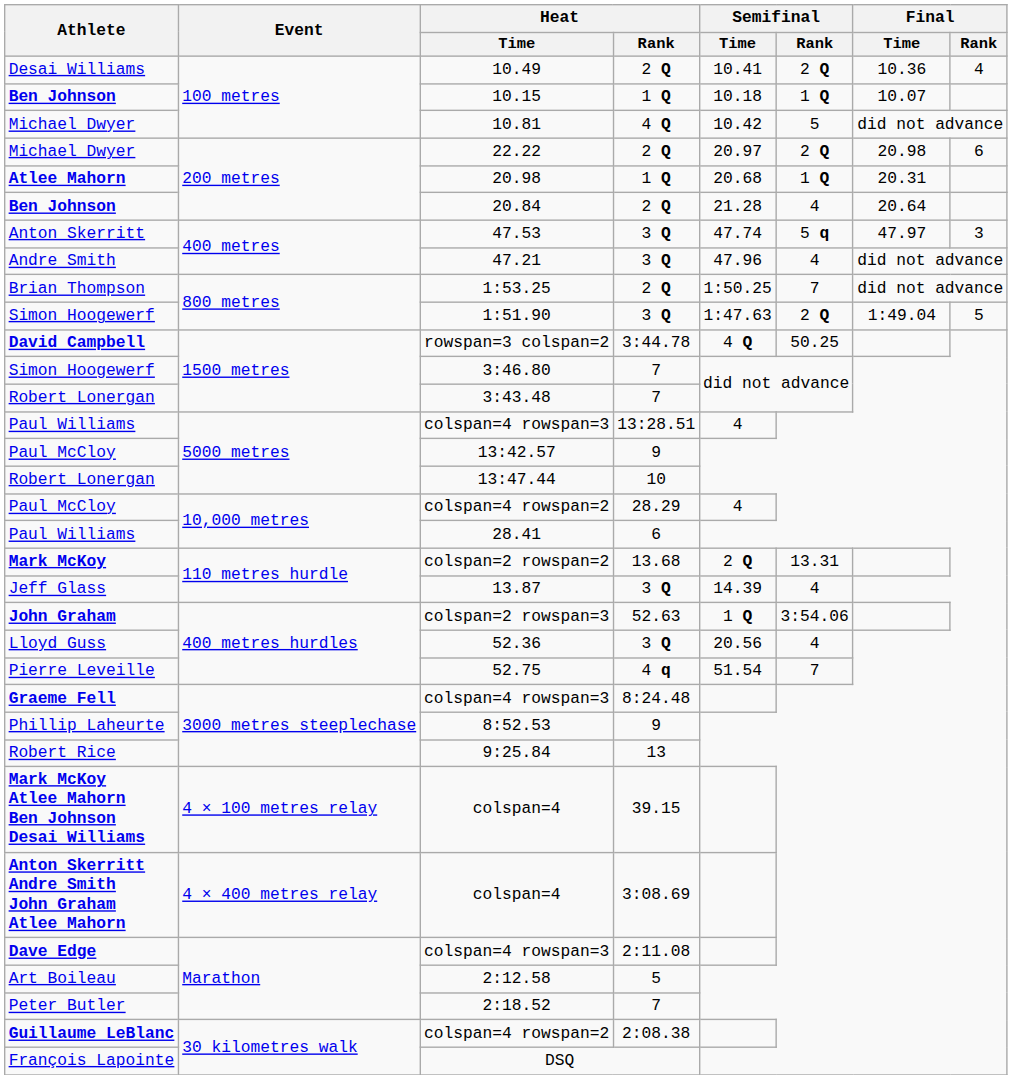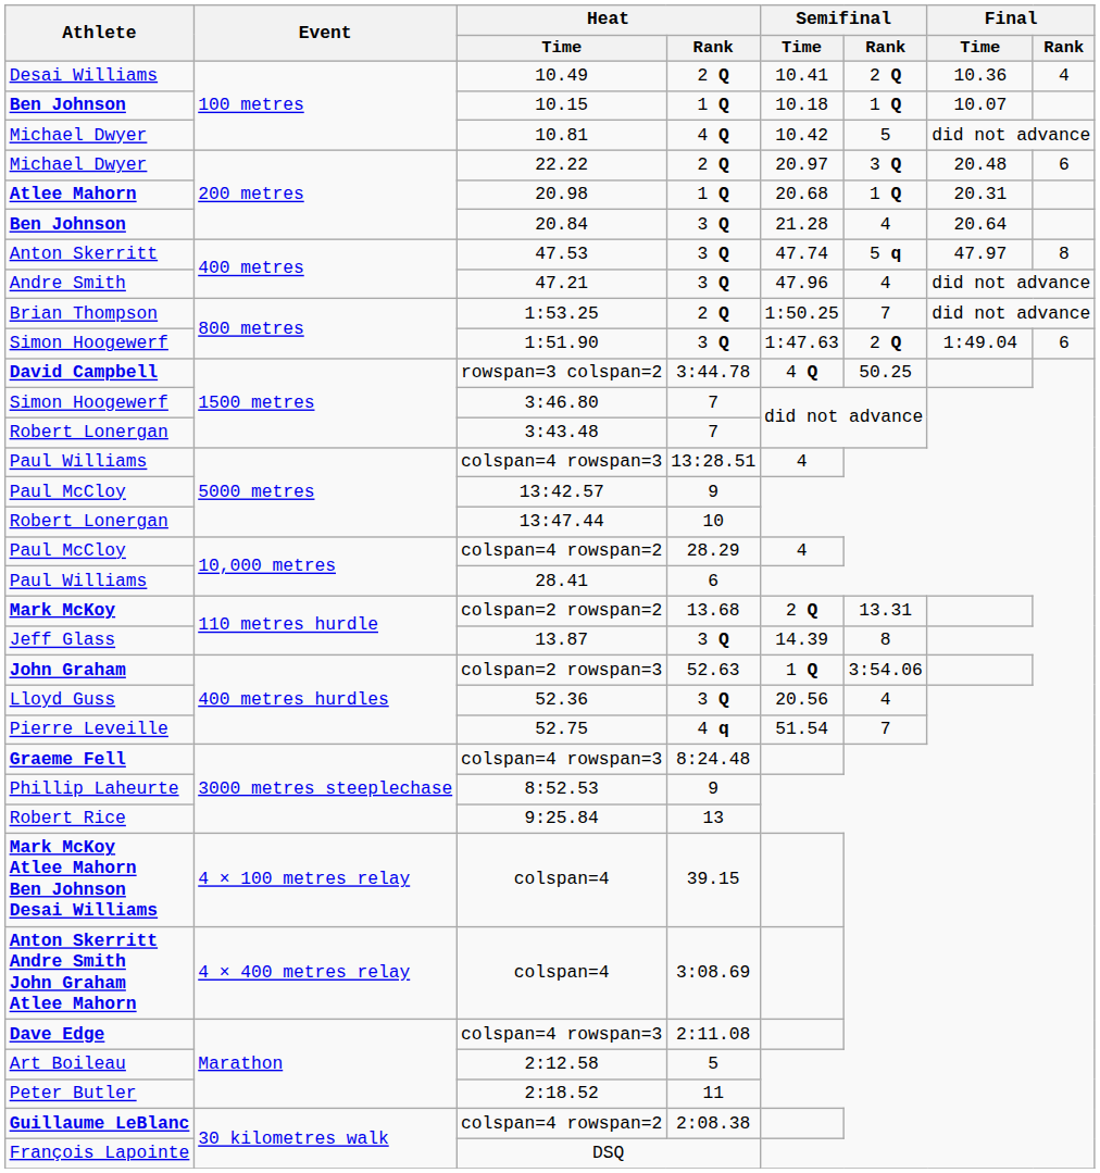 <table class="wikitable" style="font-size:90%">
 <tr>
 <th rowspan="2">Athlete</th>
 <th rowspan="2">Event</th>
 <th colspan="2">Heat</th>
 <th colspan="2">Semifinal</th>
 <th colspan="2">Final</th>
 </tr>
 <tr style="font-size:95%">
 <th>Time</th>
 <th>Rank</th>
 <th>Time</th>
 <th>Rank</th>
 <th>Time</th>
 <th>Rank</th>
 </tr>
 <tr align=center>
 <td align=left><a href='#'>Desai Williams</a></td>
 <td align=left rowspan=3><a href='#'>100 metres</a></td>
 <td>10.49</td>
 <td>2 <strong>Q</strong></td>
 <td>10.41</td>
 <td>2 <strong>Q</strong></td>
 <td>10.36</td>
 <td>4</td>
 </tr>
 <tr align=center>
 <td align=left><strong><a href='#'>Ben Johnson</a></strong></td>
 <td>10.15</td>
 <td>1 <strong>Q</strong></td>
 <td>10.18</td>
 <td>1 <strong>Q</strong></td>
 <td>10.07</td>
 <td></td>
 </tr>
 <tr align=center>
 <td align=left><a href='#'>Michael Dwyer</a></td>
 <td>10.81</td>
 <td>4 <strong>Q</strong></td>
 <td>10.42</td>
 <td>5</td>
 <td colspan=2>did not advance</td>
 </tr>
 <tr align=center>
 <td align=left><a href='#'>Michael Dwyer</a></td>
 <td align=left rowspan=3><a href='#'>200 metres</a></td>
 <td>22.22</td>
 <td>2 <strong>Q</strong></td>
 <td>20.97</td>
-<td>2 <strong>Q</strong></td>
-<td>20.98</td>
+<td>3 <strong>Q</strong></td>
+<td>20.48</td>
 <td>6</td>
 </tr>
 <tr align=center>
 <td align=left><strong><a href='#'>Atlee Mahorn</a></strong></td>
 <td>20.98</td>
 <td>1 <strong>Q</strong></td>
 <td>20.68</td>
 <td>1 <strong>Q</strong></td>
 <td>20.31</td>
 <td></td>
 </tr>
 <tr align=center>
 <td align=left><strong><a href='#'>Ben Johnson</a></strong></td>
 <td>20.84</td>
-<td>2 <strong>Q</strong></td>
+<td>3 <strong>Q</strong></td>
 <td>21.28</td>
 <td>4</td>
 <td>20.64</td>
 <td></td>
 </tr>
 <tr align=center>
 <td align=left><a href='#'>Anton Skerritt</a></td>
 <td align=left rowspan=2><a href='#'>400 metres</a></td>
 <td>47.53</td>
 <td>3 <strong>Q</strong></td>
 <td>47.74</td>
 <td>5 <strong>q</strong></td>
 <td>47.97</td>
-<td>3</td>
+<td>8</td>
 </tr>
 <tr align=center>
 <td align=left><a href='#'>Andre Smith</a></td>
 <td>47.21</td>
 <td>3 <strong>Q</strong></td>
 <td>47.96</td>
 <td>4</td>
 <td colspan=2>did not advance</td>
 </tr>
 <tr align=center>
 <td align=left><a href='#'>Brian Thompson</a></td>
 <td align=left rowspan=2><a href='#'>800 metres</a></td>
 <td>1:53.25</td>
 <td>2 <strong>Q</strong></td>
 <td>1:50.25</td>
 <td>7</td>
 <td colspan=2>did not advance</td>
 </tr>
 <tr align=center>
 <td align=left><a href='#'>Simon Hoogewerf</a></td>
 <td>1:51.90</td>
 <td>3 <strong>Q</strong></td>
 <td>1:47.63</td>
 <td>2 <strong>Q</strong></td>
 <td>1:49.04</td>
-<td>5</td>
+<td>6</td>
 </tr>
 <tr align=center>
 <td align=left><strong><a href='#'>David Campbell</a></strong></td>
 <td align=left rowspan=3><a href='#'>1500 metres</a></td>
 <td>rowspan=3 colspan=2 </td>
 <td>3:44.78</td>
 <td>4 <strong>Q</strong></td>
 <td>50.25</td>
 <td></td>
 </tr>
 <tr align=center>
 <td align=left><a href='#'>Simon Hoogewerf</a></td>
 <td>3:46.80</td>
 <td>7</td>
 <td colspan=2 rowspan=2>did not advance</td>
 </tr>
 <tr align=center>
 <td align=left><a href='#'>Robert Lonergan</a></td>
 <td>3:43.48</td>
 <td>7</td>
 </tr>
 <tr align=center>
 <td align=left><a href='#'>Paul Williams</a></td>
 <td align=left rowspan=3><a href='#'>5000 metres</a></td>
 <td>colspan=4 rowspan=3 </td>
 <td>13:28.51</td>
 <td>4</td>
 </tr>
 <tr align=center>
 <td align=left><a href='#'>Paul McCloy</a></td>
 <td>13:42.57</td>
 <td>9</td>
 </tr>
 <tr align=center>
 <td align=left><a href='#'>Robert Lonergan</a></td>
 <td>13:47.44</td>
 <td>10</td>
 </tr>
 <tr align=center>
 <td align=left><a href='#'>Paul McCloy</a></td>
 <td align=left rowspan=2><a href='#'>10,000 metres</a></td>
 <td>colspan=4 rowspan=2 </td>
 <td>28.29</td>
 <td>4</td>
 </tr>
 <tr align=center>
 <td align=left><a href='#'>Paul Williams</a></td>
 <td>28.41</td>
 <td>6</td>
 </tr>
 <tr align=center>
 <td align=left><strong><a href='#'>Mark McKoy</a></strong></td>
 <td align=left rowspan=2><a href='#'>110 metres hurdle</a></td>
 <td>colspan=2 rowspan=2 </td>
 <td>13.68</td>
 <td>2 <strong>Q</strong></td>
 <td>13.31</td>
 <td></td>
 </tr>
 <tr align=center>
 <td align=left><a href='#'>Jeff Glass</a></td>
 <td>13.87</td>
 <td>3 <strong>Q</strong></td>
 <td>14.39</td>
-<td>4</td>
+<td>8</td>
 </tr>
 <tr align=center>
 <td align=left><strong><a href='#'>John Graham</a></strong></td>
 <td align=left rowspan=3><a href='#'>400 metres hurdles</a></td>
 <td>colspan=2 rowspan=3 </td>
 <td>52.63</td>
 <td>1 <strong>Q</strong></td>
 <td>3:54.06</td>
 <td></td>
 </tr>
 <tr align=center>
 <td align=left><a href='#'>Lloyd Guss</a></td>
 <td>52.36</td>
 <td>3 <strong>Q</strong></td>
 <td>20.56</td>
 <td>4</td>
 </tr>
 <tr align=center>
 <td align=left><a href='#'>Pierre Leveille</a></td>
 <td>52.75</td>
 <td>4 <strong>q</strong></td>
 <td>51.54</td>
 <td>7</td>
 </tr>
 <tr align=center>
 <td align=left><strong><a href='#'>Graeme Fell</a></strong></td>
 <td align=left rowspan=3><a href='#'>3000 metres steeplechase</a></td>
 <td>colspan=4 rowspan=3 </td>
 <td>8:24.48</td>
 <td></td>
 </tr>
 <tr align=center>
 <td align=left><a href='#'>Phillip Laheurte</a></td>
 <td>8:52.53</td>
 <td>9</td>
 </tr>
 <tr align=center>
 <td align=left><a href='#'>Robert Rice</a></td>
 <td>9:25.84</td>
 <td>13</td>
 </tr>
 <tr align=center>
 <td align=left><strong><a href='#'>Mark McKoy</a></strong><br><strong><a href='#'>Atlee Mahorn</a></strong><br><strong><a href='#'>Ben Johnson</a></strong><br><strong><a href='#'>Desai Williams</a></strong></td>
 <td align=left><a href='#'>4 × 100 metres relay</a></td>
 <td>colspan=4 </td>
 <td>39.15</td>
 <td></td>
 </tr>
 <tr align=center>
 <td align=left><strong><a href='#'>Anton Skerritt</a></strong><br><strong><a href='#'>Andre Smith</a></strong><br><strong><a href='#'>John Graham</a></strong><br><strong><a href='#'>Atlee Mahorn</a></strong></td>
 <td align=left><a href='#'>4 × 400 metres relay</a></td>
 <td>colspan=4 </td>
 <td>3:08.69</td>
 <td></td>
 </tr>
 <tr align=center>
 <td align=left><strong><a href='#'>Dave Edge</a></strong></td>
 <td align=left rowspan=3><a href='#'>Marathon</a></td>
 <td>colspan=4 rowspan=3 </td>
 <td>2:11.08</td>
 <td></td>
 </tr>
 <tr align=center>
 <td align=left><a href='#'>Art Boileau</a></td>
 <td>2:12.58</td>
 <td>5</td>
 </tr>
 <tr align=center>
 <td align=left><a href='#'>Peter Butler</a></td>
 <td>2:18.52</td>
-<td>7</td>
+<td>11</td>
 </tr>
 <tr align=center>
 <td align=left><strong><a href='#'>Guillaume LeBlanc</a></strong></td>
 <td align=left rowspan=2><a href='#'>30 kilometres walk</a></td>
 <td>colspan=4 rowspan=2 </td>
 <td>2:08.38</td>
 <td></td>
 </tr>
 <tr align=center>
 <td align=left><a href='#'>François Lapointe</a></td>
 <td colspan=2>DSQ</td>
 </tr>
 </table>
